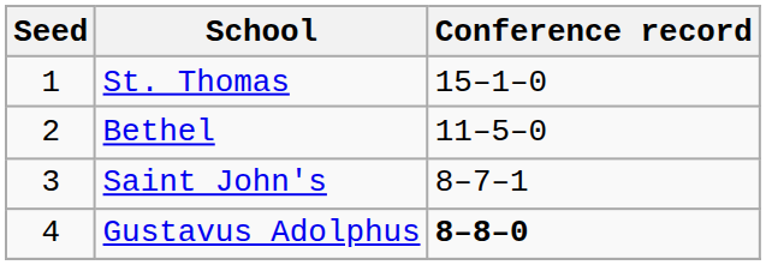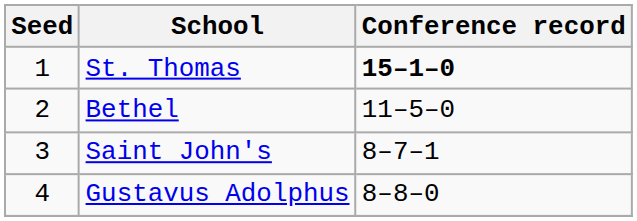 <table class="wikitable">
 <tr>
 <th>Seed</th>
 <th>School</th>
 <th>Conference record</th>
 </tr>
 <tr>
 <td align=center>1</td>
 <td><a href='#'>St. Thomas</a></td>
-<td>15–1–0</td>
+<td><strong>15–1–0</strong></td>
 </tr>
 <tr>
 <td align=center>2</td>
 <td><a href='#'>Bethel</a></td>
 <td>11–5–0</td>
 </tr>
 <tr>
 <td align=center>3</td>
 <td><a href='#'>Saint John's</a></td>
 <td>8–7–1</td>
 </tr>
 <tr>
 <td align=center>4</td>
 <td><a href='#'>Gustavus Adolphus</a></td>
-<td><strong>8–8–0</strong></td>
+<td>8–8–0</td>
 </tr>
 <tr>
 </tr>
 </table>
